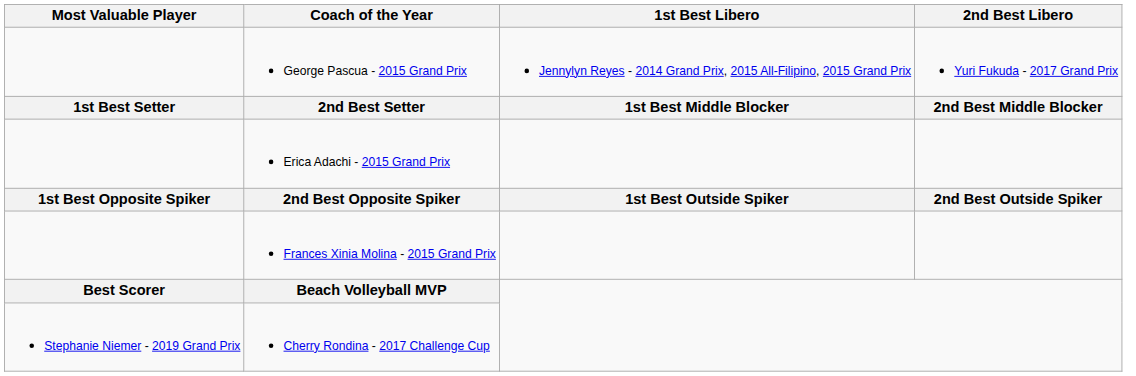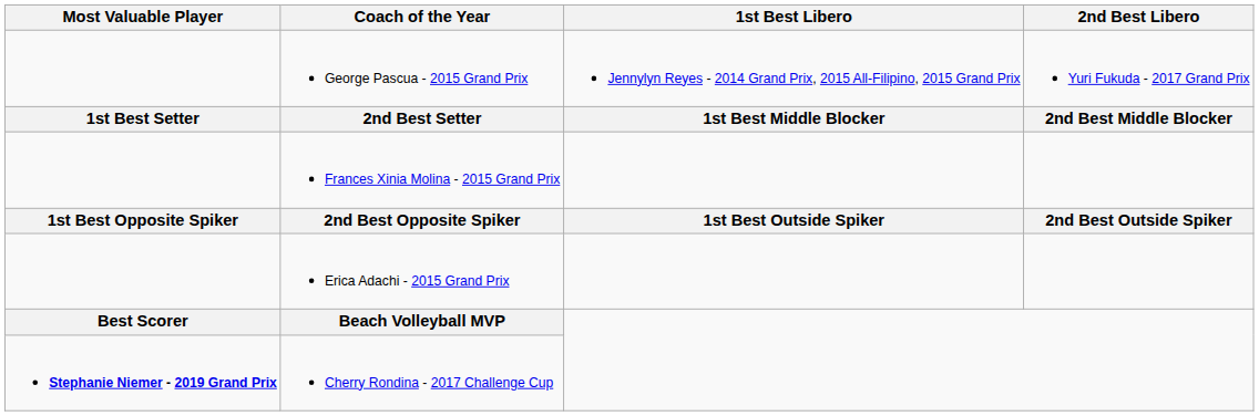 <table class=wikitable>
 <tr>
 <th>Most Valuable Player</th>
 <th>Coach of the Year</th>
 <th>1st Best Libero</th>
 <th>2nd Best Libero</th>
 </tr>
 <tr>
 <td valign="top"><br></td>
 <td valign="top"><br><ul><li><small> George Pascua - <a href='#'>2015 Grand Prix</a></small></li></ul></td>
 <td valign="top"><br><ul><li><small> <a href='#'>Jennylyn Reyes</a> - <a href='#'>2014 Grand Prix</a>, <a href='#'>2015 All-Filipino</a>, <a href='#'>2015 Grand Prix</a></small></li></ul></td>
 <td valign="top"><br><ul><li><small> <a href='#'>Yuri Fukuda</a> - <a href='#'>2017 Grand Prix</a></small></li></ul></td>
 </tr>
 <tr>
 <th>1st Best Setter</th>
 <th>2nd Best Setter</th>
 <th>1st Best Middle Blocker</th>
 <th>2nd Best Middle Blocker</th>
 </tr>
 <tr>
 <td valign="top"><br></td>
-<td valign="top"><br><ul><li><small> Erica Adachi - <a href='#'>2015 Grand Prix</a></small></li></ul></td>
+<td valign="top"><br><ul><li><small> <a href='#'>Frances Xinia Molina</a> - <a href='#'>2015 Grand Prix</a></small></li></ul></td>
 <td valign="top"><br></td>
 <td valign="top"><br></td>
 </tr>
 <tr>
 <th>1st Best Opposite Spiker</th>
 <th>2nd Best Opposite Spiker</th>
 <th>1st Best Outside Spiker</th>
 <th>2nd Best Outside Spiker</th>
 </tr>
 <tr>
 <td valign="top"><br></td>
-<td valign="top"><br><ul><li><small> <a href='#'>Frances Xinia Molina</a> - <a href='#'>2015 Grand Prix</a></small></li></ul></td>
+<td valign="top"><br><ul><li><small> Erica Adachi - <a href='#'>2015 Grand Prix</a></small></li></ul></td>
 <td valign="top"><br></td>
 <td valign="top"><br></td>
 </tr>
 <tr>
 <th>Best Scorer</th>
 <th>Beach Volleyball MVP</th>
 </tr>
 <tr>
-<td valign="top"><br><ul><li><small> <a href='#'>Stephanie Niemer</a> - <a href='#'>2019 Grand Prix</a></small></li></ul></td>
+<td valign="top"><strong><br><ul><li><small> <a href='#'>Stephanie Niemer</a> - <a href='#'>2019 Grand Prix</a></small></li></ul></strong></td>
 <td valign="top"><br><ul><li><small> <a href='#'>Cherry Rondina</a> - <a href='#'>2017 Challenge Cup</a></small></li></ul></td>
 </tr>
 </table>
